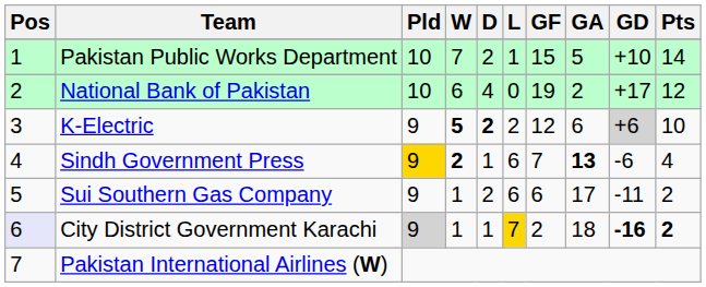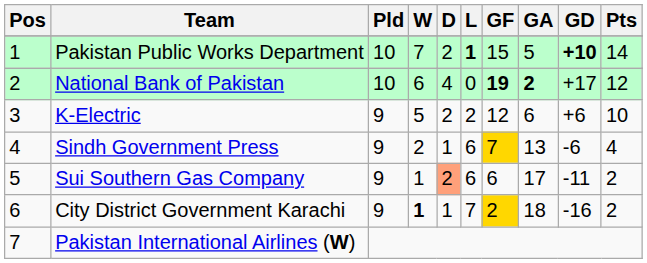 <table class="wikitable">
 <tr>
 <th>Pos</th>
 <th>Team</th>
 <th>Pld</th>
 <th>W</th>
 <th>D</th>
 <th>L</th>
 <th>GF</th>
 <th>GA</th>
 <th>GD</th>
 <th>Pts</th>
 </tr>
 <tr>
 </tr>
 <tr style="background:#bfc">
 <td>1</td>
 <td>Pakistan Public Works Department</td>
 <td>10</td>
 <td>7</td>
 <td>2</td>
-<td>1</td>
+<td><strong>1</strong></td>
 <td>15</td>
 <td>5</td>
-<td>+10</td>
+<td><strong>+10</strong></td>
 <td>14</td>
 </tr>
 <tr>
 </tr>
 <tr style="background:#bfc">
 <td>2</td>
 <td><a href='#'>National Bank of Pakistan</a></td>
 <td>10</td>
 <td>6</td>
 <td>4</td>
 <td>0</td>
-<td>19</td>
-<td>2</td>
+<td><strong>19</strong></td>
+<td><strong>2</strong></td>
 <td>+17</td>
 <td>12</td>
 </tr>
 <tr>
 <td>3</td>
 <td><a href='#'>K-Electric</a></td>
 <td>9</td>
-<td><strong>5</strong></td>
-<td><strong>2</strong></td>
+<td>5</td>
+<td>2</td>
 <td>2</td>
 <td>12</td>
 <td>6</td>
-<td style="background: lightgrey;">+6</td>
+<td>+6</td>
 <td>10</td>
 </tr>
 <tr>
 <td>4</td>
 <td><a href='#'>Sindh Government Press</a></td>
-<td style="background: gold;">9</td>
-<td><strong>2</strong></td>
+<td>9</td>
+<td>2</td>
 <td>1</td>
 <td>6</td>
-<td>7</td>
-<td><strong>13</strong></td>
+<td style="background: gold;">7</td>
+<td>13</td>
 <td>-6</td>
 <td>4</td>
 </tr>
 <tr>
 <td>5</td>
 <td><a href='#'>Sui Southern Gas Company</a></td>
 <td>9</td>
 <td>1</td>
-<td>2</td>
+<td style="background: lightsalmon;">2</td>
 <td>6</td>
 <td>6</td>
 <td>17</td>
 <td>-11</td>
 <td>2</td>
 </tr>
 <tr>
-<td style="background: lavender;">6</td>
+<td>6</td>
 <td>City District Government Karachi</td>
-<td style="background: lightgrey;">9</td>
+<td>9</td>
+<td><strong>1</strong></td>
 <td>1</td>
-<td>1</td>
-<td style="background: gold;">7</td>
+<td>7</td>
+<td style="background: gold;">2</td>
+<td>18</td>
+<td>-16</td>
 <td>2</td>
-<td>18</td>
-<td><strong>-16</strong></td>
-<td><strong>2</strong></td>
 </tr>
 <tr>
 <td>7</td>
 <td><a href='#'>Pakistan International Airlines</a> (<strong>W</strong>)</td>
 <td colspan="8"></td>
 </tr>
 </table>
